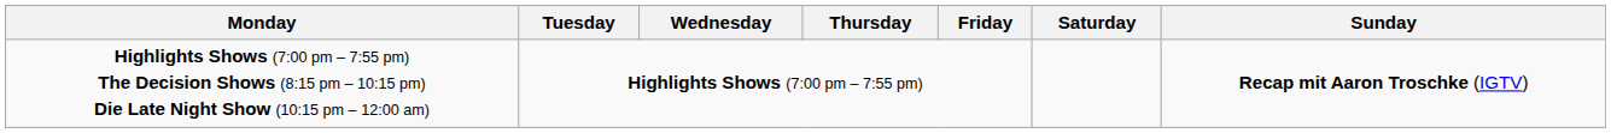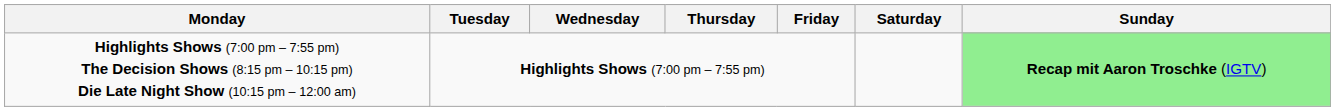 <table class="wikitable" style="text-align:center; font-size:90%; line-height:20px" width="100%">
 <tr>
 <th>Monday</th>
 <th>Tuesday</th>
 <th>Wednesday</th>
 <th>Thursday</th>
 <th>Friday</th>
 <th>Saturday</th>
 <th>Sunday</th>
 </tr>
 <tr>
 <td><strong>Highlights Shows</strong> <small>(7:00 pm – 7:55 pm)</small><br><strong>The Decision Shows</strong> <small>(8:15 pm – 10:15 pm)</small><br><strong>Die Late Night Show</strong> <small>(10:15 pm – 12:00 am)</small></td>
 <td colspan="4"><strong>Highlights Shows</strong> <small>(7:00 pm – 7:55 pm)</small></td>
 <td></td>
-<td><strong>Recap mit Aaron Troschke</strong> (<a href='#'>IGTV</a>)</td>
+<td style="background: lightgreen;"><strong>Recap mit Aaron Troschke</strong> (<a href='#'>IGTV</a>)</td>
 </tr>
 </table>
